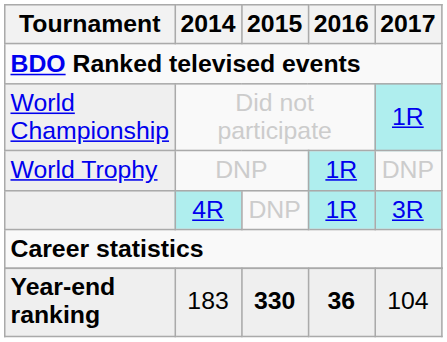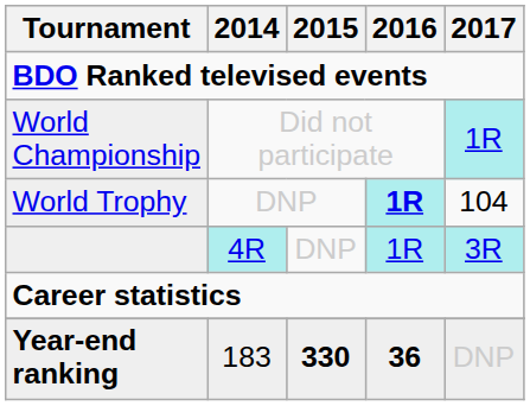 <table class="wikitable" style="width:20%; margin:0">
 <tr>
 <th>Tournament</th>
 <th>2014</th>
 <th>2015</th>
 <th>2016</th>
 <th>2017</th>
 </tr>
 <tr>
 <td colspan="32" align="left"><strong><a href='#'>BDO</a> Ranked televised events</strong></td>
 </tr>
 <tr>
 <td style="background:#efefef;"><a href='#'>World Championship</a></td>
 <td colspan="3" style="text-align:center; color:#ccc;">Did not participate</td>
 <td style="text-align:center; background:#afeeee;"><a href='#'>1R</a></td>
 </tr>
 <tr>
 <td style="background:#efefef;"><a href='#'>World Trophy</a></td>
 <td colspan="2" style="text-align:center; color:#ccc;">DNP</td>
-<td style="text-align:center; background:#afeeee;"><a href='#'>1R</a></td>
-<td style="text-align:center; color:#ccc;">DNP</td>
+<td style="text-align:center; background:#afeeee;"><strong><a href='#'>1R</a></strong></td>
+<td style="text-align:center;">104</td>
 </tr>
 <tr>
 <td style="background:#efefef;" align=left></td>
 <td style="text-align:center; background:#afeeee;"><a href='#'>4R</a></td>
 <td style="text-align:center; color:#ccc;">DNP</td>
 <td style="text-align:center; background:#afeeee;"><a href='#'>1R</a></td>
 <td style="text-align:center; background:#afeeee;"><a href='#'>3R</a></td>
 </tr>
 <tr>
 <td colspan="14" align="left"><strong>Career statistics</strong></td>
 </tr>
 <tr>
 </tr>
 <tr bgcolor="efefef">
 <td align="left"><strong>Year-end ranking</strong></td>
 <td style="text-align:center;">183</td>
 <td style="text-align:center;"><strong>330</strong></td>
 <td style="text-align:center;"><strong>36</strong></td>
-<td style="text-align:center;">104</td>
+<td style="text-align:center; color:#ccc;">DNP</td>
 </tr>
 </table>
